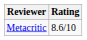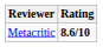 <table class="wikitable">
 <tr>
 <th>Reviewer</th>
 <th>Rating</th>
 </tr>
 <tr>
 <td><a href='#'>Metacritic</a></td>
-<td>8.6/10</td>
+<td><strong>8.6/10</strong></td>
 </tr>
 </table>
